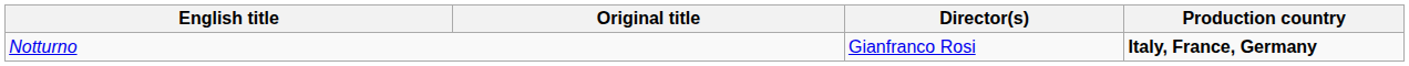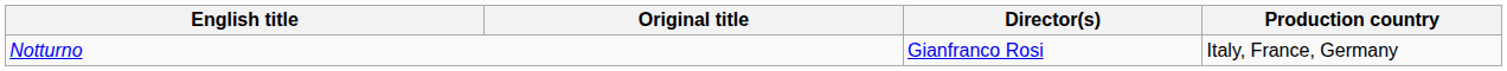 <table class="wikitable" width=100%>
 <tr>
 <th scope="col" width="32%">English title</th>
 <th scope="col" width="28%">Original title</th>
 <th scope="col" width="20%">Director(s)</th>
 <th scope="col" width="20%">Production country</th>
 </tr>
 <tr>
 <td colspan=2><em><a href='#'>Notturno</a></em></td>
 <td><a href='#'>Gianfranco Rosi</a></td>
-<td><strong>Italy, France, Germany</strong></td>
+<td>Italy, France, Germany</td>
 </tr>
 </table>
